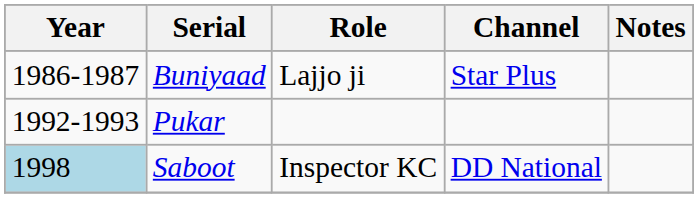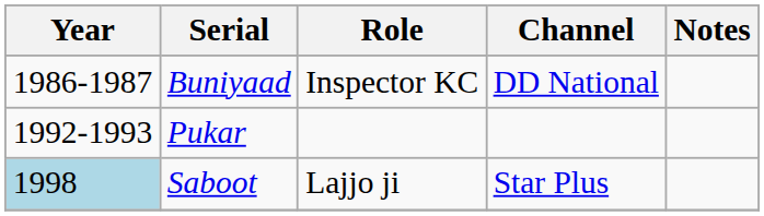 <table class="wikitable sortable">
 <tr>
 <th>Year</th>
 <th>Serial</th>
 <th>Role</th>
 <th>Channel</th>
 <th>Notes</th>
 </tr>
 <tr>
 <td>1986-1987</td>
 <td><em><a href='#'>Buniyaad</a></em></td>
-<td>Lajjo ji</td>
-<td><a href='#'>Star Plus</a></td>
+<td>Inspector KC</td>
+<td><a href='#'>DD National</a></td>
 <td></td>
 </tr>
 <tr>
 <td>1992-1993</td>
 <td><em><a href='#'>Pukar</a></em></td>
 <td></td>
 <td></td>
 <td></td>
 </tr>
 <tr>
 <td style="background: lightblue;">1998</td>
 <td><em><a href='#'>Saboot</a></em></td>
-<td>Inspector KC</td>
-<td><a href='#'>DD National</a></td>
+<td>Lajjo ji</td>
+<td><a href='#'>Star Plus</a></td>
 <td></td>
 </tr>
 <tr>
 </tr>
 </table>
